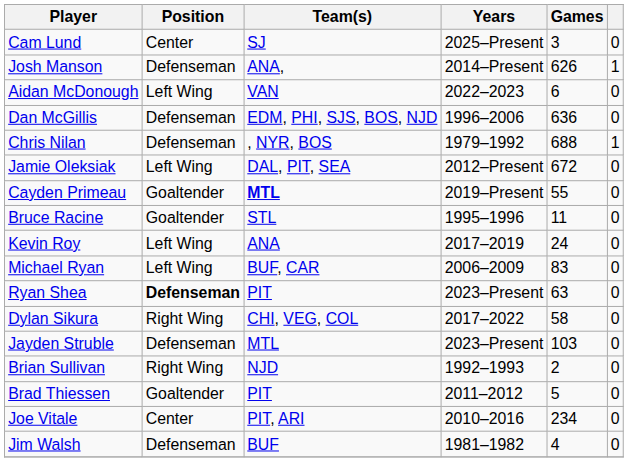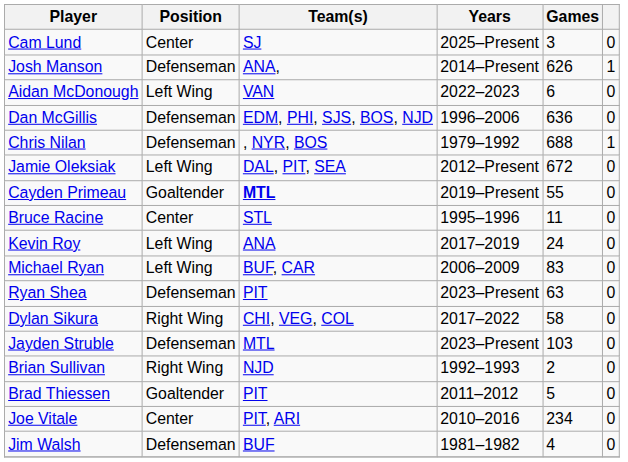 <table class="wikitable sortable">
 <tr>
 <th>Player</th>
 <th>Position</th>
 <th>Team(s)</th>
 <th>Years</th>
 <th>Games</th>
 <th><a href='#'></a></th>
 </tr>
 <tr>
 <td><a href='#'>Cam Lund</a></td>
 <td>Center</td>
 <td><a href='#'>SJ</a></td>
 <td>2025–Present</td>
 <td>3</td>
 <td>0</td>
 </tr>
 <tr>
 <td><a href='#'>Josh Manson</a></td>
 <td>Defenseman</td>
 <td><a href='#'>ANA</a>, <span><strong></strong></span></td>
 <td>2014–Present</td>
 <td>626</td>
 <td>1</td>
 </tr>
 <tr>
 <td><a href='#'>Aidan McDonough</a></td>
 <td>Left Wing</td>
 <td><a href='#'>VAN</a></td>
 <td>2022–2023</td>
 <td>6</td>
 <td>0</td>
 </tr>
 <tr>
 <td><a href='#'>Dan McGillis</a></td>
 <td>Defenseman</td>
 <td><a href='#'>EDM</a>, <a href='#'>PHI</a>, <a href='#'>SJS</a>, <a href='#'>BOS</a>, <a href='#'>NJD</a></td>
 <td>1996–2006</td>
 <td>636</td>
 <td>0</td>
 </tr>
 <tr>
 <td><a href='#'>Chris Nilan</a></td>
 <td>Defenseman</td>
 <td><span><strong></strong></span>, <a href='#'>NYR</a>, <a href='#'>BOS</a></td>
 <td>1979–1992</td>
 <td>688</td>
 <td>1</td>
 </tr>
 <tr>
 <td><a href='#'>Jamie Oleksiak</a></td>
 <td>Left Wing</td>
 <td><a href='#'>DAL</a>, <a href='#'>PIT</a>, <a href='#'>SEA</a></td>
 <td>2012–Present</td>
 <td>672</td>
 <td>0</td>
 </tr>
 <tr>
 <td><a href='#'>Cayden Primeau</a></td>
 <td>Goaltender</td>
 <td><strong><a href='#'>MTL</a></strong></td>
 <td>2019–Present</td>
 <td>55</td>
 <td>0</td>
 </tr>
 <tr>
 <td><a href='#'>Bruce Racine</a></td>
-<td>Goaltender</td>
+<td>Center</td>
 <td><a href='#'>STL</a></td>
 <td>1995–1996</td>
 <td>11</td>
 <td>0</td>
 </tr>
 <tr>
 <td><a href='#'>Kevin Roy</a></td>
 <td>Left Wing</td>
 <td><a href='#'>ANA</a></td>
 <td>2017–2019</td>
 <td>24</td>
 <td>0</td>
 </tr>
 <tr>
 <td><a href='#'>Michael Ryan</a></td>
 <td>Left Wing</td>
 <td><a href='#'>BUF</a>, <a href='#'>CAR</a></td>
 <td>2006–2009</td>
 <td>83</td>
 <td>0</td>
 </tr>
 <tr>
 <td><a href='#'>Ryan Shea</a></td>
-<td><strong>Defenseman</strong></td>
+<td>Defenseman</td>
 <td><a href='#'>PIT</a></td>
 <td>2023–Present</td>
 <td>63</td>
 <td>0</td>
 </tr>
 <tr>
 <td><a href='#'>Dylan Sikura</a></td>
 <td>Right Wing</td>
 <td><a href='#'>CHI</a>, <a href='#'>VEG</a>, <a href='#'>COL</a></td>
 <td>2017–2022</td>
 <td>58</td>
 <td>0</td>
 </tr>
 <tr>
 <td><a href='#'>Jayden Struble</a></td>
 <td>Defenseman</td>
 <td><a href='#'>MTL</a></td>
 <td>2023–Present</td>
 <td>103</td>
 <td>0</td>
 </tr>
 <tr>
 <td><a href='#'>Brian Sullivan</a></td>
 <td>Right Wing</td>
 <td><a href='#'>NJD</a></td>
 <td>1992–1993</td>
 <td>2</td>
 <td>0</td>
 </tr>
 <tr>
 <td><a href='#'>Brad Thiessen</a></td>
 <td>Goaltender</td>
 <td><a href='#'>PIT</a></td>
 <td>2011–2012</td>
 <td>5</td>
 <td>0</td>
 </tr>
 <tr>
 <td><a href='#'>Joe Vitale</a></td>
 <td>Center</td>
 <td><a href='#'>PIT</a>, <a href='#'>ARI</a></td>
 <td>2010–2016</td>
 <td>234</td>
 <td>0</td>
 </tr>
 <tr>
 <td><a href='#'>Jim Walsh</a></td>
 <td>Defenseman</td>
 <td><a href='#'>BUF</a></td>
 <td>1981–1982</td>
 <td>4</td>
 <td>0</td>
 </tr>
 <tr>
 </tr>
 </table>
